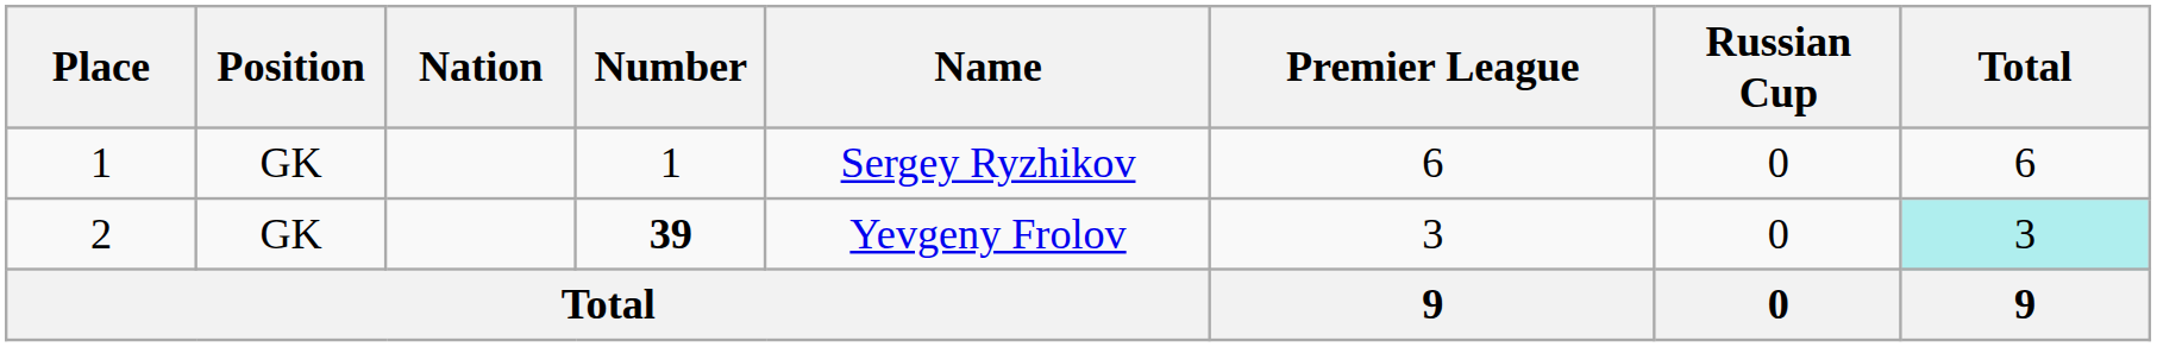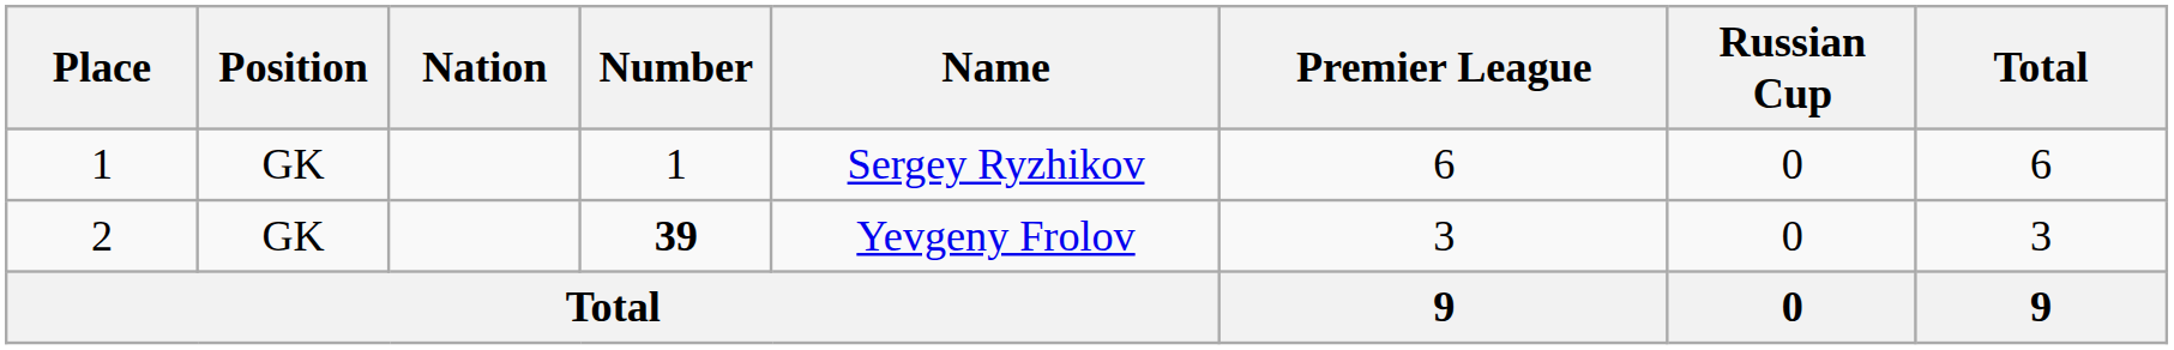 <table class="wikitable" style="font-size: 95%; text-align: center;">
 <tr>
 <th width=60>Place</th>
 <th width=60>Position</th>
 <th width=60>Nation</th>
 <th width=60>Number</th>
 <th width=150>Name</th>
 <th width=150>Premier League</th>
 <th width=80>Russian Cup</th>
 <th width=80>Total</th>
 </tr>
 <tr>
 <td>1</td>
 <td>GK</td>
 <td></td>
 <td>1</td>
 <td><a href='#'>Sergey Ryzhikov</a></td>
 <td>6</td>
 <td>0</td>
 <td>6</td>
 </tr>
 <tr>
 <td>2</td>
 <td>GK</td>
 <td></td>
 <td><strong>39</strong></td>
 <td><a href='#'>Yevgeny Frolov</a></td>
 <td>3</td>
 <td>0</td>
-<td style="background: paleturquoise;">3</td>
+<td>3</td>
 </tr>
 <tr>
 <th colspan=5>Total</th>
 <th>9</th>
 <th>0</th>
 <th>9</th>
 </tr>
 </table>
